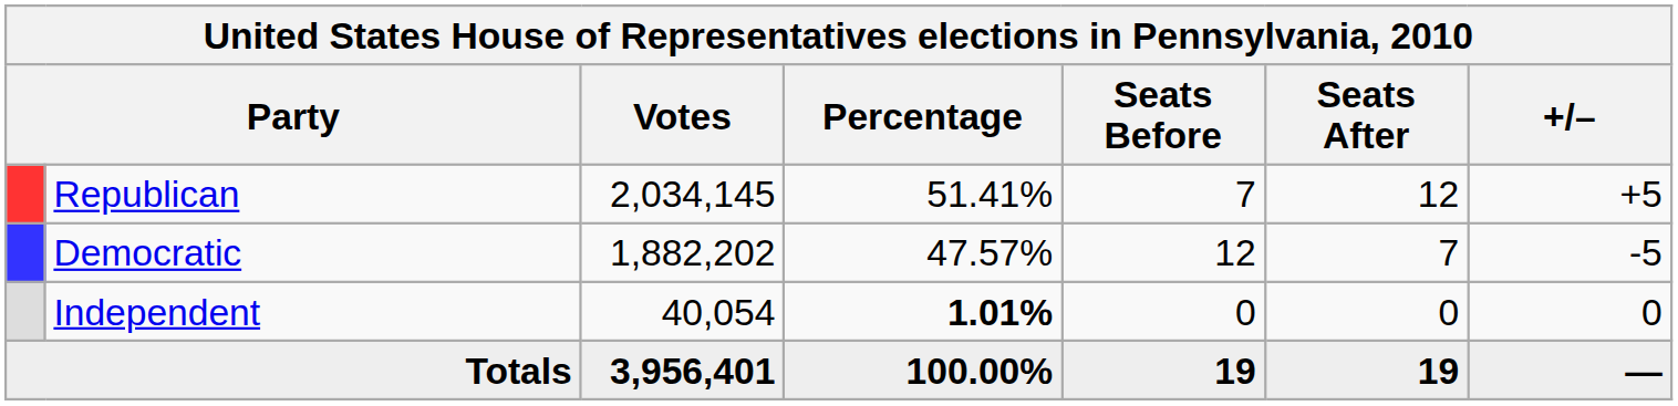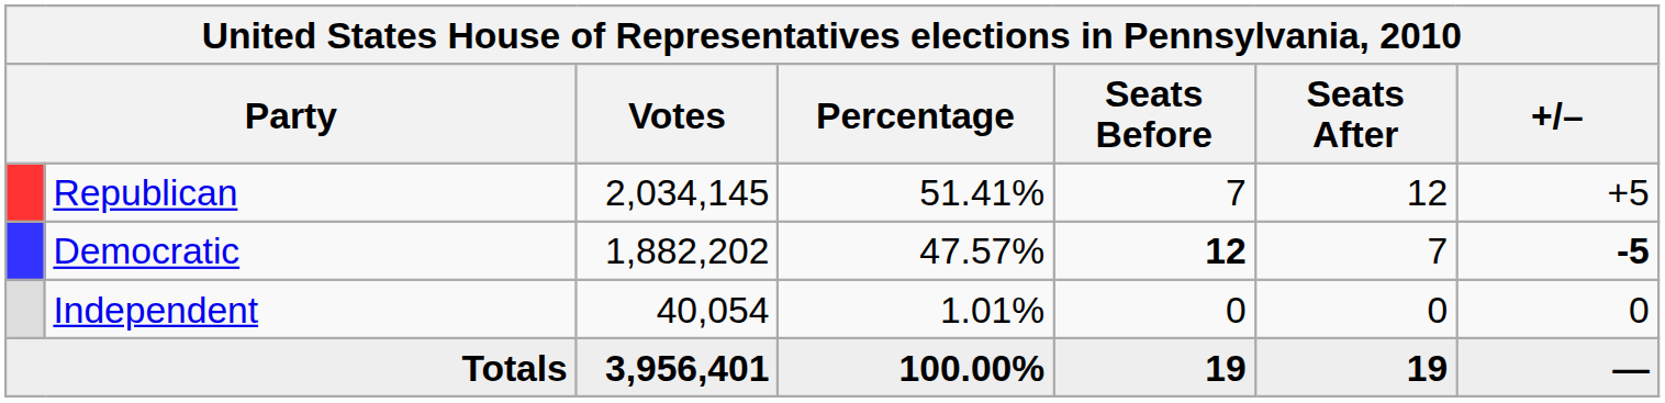 <table class="wikitable" style="font-size: 95%;">
 <tr>
 <th colspan="7">United States House of Representatives elections in Pennsylvania, 2010</th>
 </tr>
 <tr>
 <th colspan=2 style="width: 15em">Party</th>
 <th style="width: 5em">Votes</th>
 <th style="width: 7em">Percentage</th>
 <th style="width: 5em">Seats Before</th>
 <th style="width: 5em">Seats After</th>
 <th style="width: 5em">+/–</th>
 </tr>
 <tr>
 <th style="background-color:#FF3333; width: 3px"></th>
 <td style="width: 130px"><a href='#'>Republican</a></td>
 <td align="right">2,034,145</td>
 <td align="right">51.41%</td>
 <td align="right">7</td>
 <td align="right">12</td>
 <td align="right">+5</td>
 </tr>
 <tr>
 <th style="background-color:#3333FF; width: 3px"></th>
 <td style="width: 130px"><a href='#'>Democratic</a></td>
 <td align="right">1,882,202</td>
 <td align="right">47.57%</td>
-<td align="right">12</td>
+<td align="right"><strong>12</strong></td>
 <td align="right">7</td>
-<td align="right">-5</td>
+<td align="right"><strong>-5</strong></td>
 </tr>
 <tr>
 <th style="background-color:#DDDDDD; width: 3px"></th>
 <td style="width: 130px"><a href='#'>Independent</a></td>
 <td align="right">40,054</td>
-<td align="right"><strong>1.01%</strong></td>
+<td align="right">1.01%</td>
 <td align="right">0</td>
 <td align="right">0</td>
 <td align="right">0</td>
 </tr>
 <tr bgcolor="#EEEEEE">
 <td colspan="2" align="right"><strong>Totals</strong></td>
 <td align="right"><strong>3,956,401</strong></td>
 <td align="right"><strong>100.00%</strong></td>
 <td align="right"><strong>19</strong></td>
 <td align="right"><strong>19</strong></td>
 <td align="right"><strong>—</strong></td>
 </tr>
 </table>
